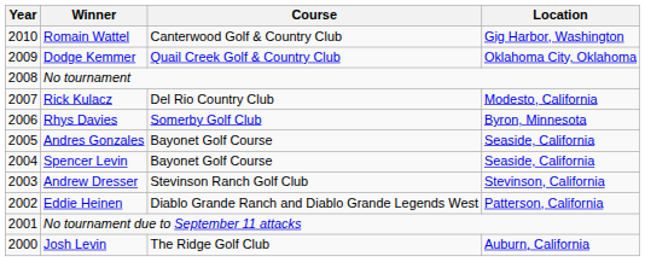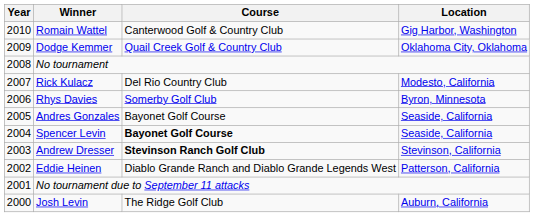 <table class=wikitable>
 <tr>
 <th>Year</th>
 <th>Winner</th>
 <th>Course</th>
 <th>Location</th>
 </tr>
 <tr>
 <td>2010</td>
 <td><a href='#'>Romain Wattel</a></td>
 <td>Canterwood Golf & Country Club</td>
 <td><a href='#'>Gig Harbor, Washington</a></td>
 </tr>
 <tr>
 <td>2009</td>
 <td><a href='#'>Dodge Kemmer</a></td>
 <td><a href='#'>Quail Creek Golf & Country Club</a></td>
 <td><a href='#'>Oklahoma City, Oklahoma</a></td>
 </tr>
 <tr>
 <td>2008</td>
 <td colspan=3><em>No tournament</em></td>
 </tr>
 <tr>
 <td>2007</td>
 <td><a href='#'>Rick Kulacz</a></td>
 <td>Del Rio Country Club</td>
 <td><a href='#'>Modesto, California</a></td>
 </tr>
 <tr>
 <td>2006</td>
 <td><a href='#'>Rhys Davies</a></td>
 <td><a href='#'>Somerby Golf Club</a></td>
 <td><a href='#'>Byron, Minnesota</a></td>
 </tr>
 <tr>
 <td>2005</td>
 <td><a href='#'>Andres Gonzales</a></td>
 <td>Bayonet Golf Course</td>
 <td><a href='#'>Seaside, California</a></td>
 </tr>
 <tr>
 <td>2004</td>
 <td><a href='#'>Spencer Levin</a></td>
-<td>Bayonet Golf Course</td>
+<td><strong>Bayonet Golf Course</strong></td>
 <td><a href='#'>Seaside, California</a></td>
 </tr>
 <tr>
 <td>2003</td>
 <td><a href='#'>Andrew Dresser</a></td>
-<td>Stevinson Ranch Golf Club</td>
+<td><strong>Stevinson Ranch Golf Club</strong></td>
 <td><a href='#'>Stevinson, California</a></td>
 </tr>
 <tr>
 <td>2002</td>
 <td><a href='#'>Eddie Heinen</a></td>
 <td>Diablo Grande Ranch and Diablo Grande Legends West</td>
 <td><a href='#'>Patterson, California</a></td>
 </tr>
 <tr>
 <td>2001</td>
 <td colspan=3><em>No tournament due to <a href='#'>September 11 attacks</a></em></td>
 </tr>
 <tr>
 <td>2000</td>
 <td><a href='#'>Josh Levin</a></td>
 <td>The Ridge Golf Club</td>
 <td><a href='#'>Auburn, California</a></td>
 </tr>
 </table>
